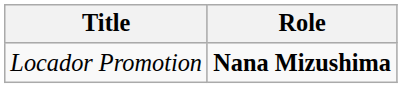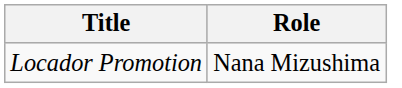 <table class="wikitable">
 <tr>
 <th>Title</th>
 <th>Role</th>
 </tr>
 <tr>
 <td><em>Locador Promotion</em></td>
-<td><strong>Nana Mizushima</strong></td>
+<td>Nana Mizushima</td>
 </tr>
 </table>
